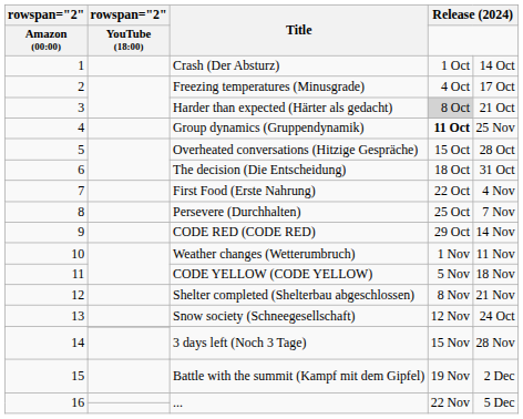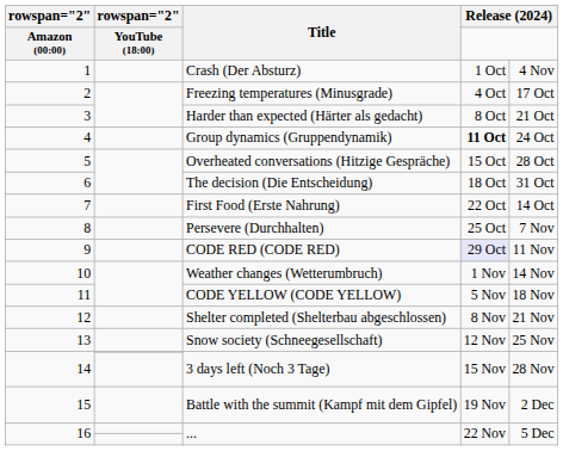 <table class="wikitable" style="text-align:right">
 <tr>
 <th>rowspan="2" </th>
 <th>rowspan="2" </th>
 <th rowspan="2">Title</th>
 <th colspan="2">Release (2024)</th>
 </tr>
 <tr style="font-size:90%; line-height:100%">
 <th>Amazon<br><small>(00:00)</small></th>
 <th>YouTube<br><small>(18:00)</small></th>
 </tr>
 <tr>
 <td>1</td>
 <td></td>
 <td style="text-align:left">Crash (Der Absturz)</td>
 <td>1 Oct</td>
-<td>14 Oct</td>
+<td>4 Nov</td>
 </tr>
 <tr>
 <td>2</td>
 <td rowspan="2"></td>
 <td style="text-align:left">Freezing temperatures (Minusgrade)</td>
 <td>4 Oct</td>
 <td>17 Oct</td>
 </tr>
 <tr>
 <td>3</td>
 <td style="text-align:left">Harder than expected (Härter als gedacht)</td>
-<td style="background: lightgrey;">8 Oct</td>
+<td>8 Oct</td>
 <td>21 Oct</td>
 </tr>
 <tr>
 <td>4</td>
 <td></td>
 <td style="text-align:left">Group dynamics (Gruppendynamik)</td>
 <td><strong>11 Oct</strong></td>
-<td>25 Nov</td>
+<td>24 Oct</td>
 </tr>
 <tr>
 <td>5</td>
 <td rowspan="2"></td>
 <td style="text-align:left">Overheated conversations (Hitzige Gespräche)</td>
 <td>15 Oct</td>
 <td>28 Oct</td>
 </tr>
 <tr>
 <td>6</td>
 <td style="text-align:left">The decision (Die Entscheidung)</td>
 <td>18 Oct</td>
 <td>31 Oct</td>
 </tr>
 <tr>
 <td>7</td>
 <td></td>
 <td style="text-align:left">First Food (Erste Nahrung)</td>
 <td>22 Oct</td>
-<td>4 Nov</td>
+<td>14 Oct</td>
 </tr>
 <tr>
 <td>8</td>
 <td></td>
 <td style="text-align:left">Persevere (Durchhalten)</td>
 <td>25 Oct</td>
 <td>7 Nov</td>
 </tr>
 <tr>
 <td>9</td>
 <td></td>
 <td style="text-align:left">CODE RED (CODE RED)</td>
-<td>29 Oct</td>
-<td>14 Nov</td>
+<td style="background: lavender;">29 Oct</td>
+<td>11 Nov</td>
 </tr>
 <tr>
 <td>10</td>
 <td rowspan="2"></td>
 <td style="text-align:left">Weather changes (Wetterumbruch)</td>
 <td>1 Nov</td>
-<td>11 Nov</td>
+<td>14 Nov</td>
 </tr>
 <tr>
 <td>11</td>
 <td style="text-align:left">CODE YELLOW (CODE YELLOW)</td>
 <td>5 Nov</td>
 <td>18 Nov</td>
 </tr>
 <tr>
 <td>12</td>
 <td></td>
 <td style="text-align:left">Shelter completed (Shelterbau abgeschlossen)</td>
 <td>8 Nov</td>
 <td>21 Nov</td>
 </tr>
 <tr>
 <td>13</td>
 <td></td>
 <td style="text-align:left">Snow society (Schneegesellschaft)</td>
 <td>12 Nov</td>
-<td>24 Oct</td>
+<td>25 Nov</td>
 </tr>
 <tr>
 <td rowspan="2" style="height:33px">14</td>
 <td style="padding-top:0;padding-bottom:0"></td>
 <td rowspan="2" style="text-align:left">3 days left (Noch 3 Tage)</td>
 <td rowspan="2">15 Nov</td>
 <td rowspan="2">28 Nov</td>
 </tr>
 <tr>
 <td rowspan="2" style="padding-top:0;padding-bottom:0"></td>
 </tr>
 <tr>
 <td rowspan="2" style="height:33px">15</td>
 <td rowspan="2" style="text-align:left">Battle with the summit (Kampf mit dem Gipfel)</td>
 <td rowspan="2">19 Nov</td>
 <td rowspan="2">2 Dec</td>
 </tr>
 <tr>
 <td style="padding-top:0;padding-bottom:0"></td>
 </tr>
 <tr>
 <td rowspan="2">16</td>
 <td style="padding-top:0;padding-bottom:0"></td>
 <td rowspan="2" style="text-align:left">...</td>
 <td rowspan="2">22 Nov</td>
 <td rowspan="2">5 Dec</td>
 </tr>
 <tr>
 <td style="padding-top:0;padding-bottom:0"></td>
 </tr>
 </table>
